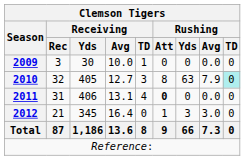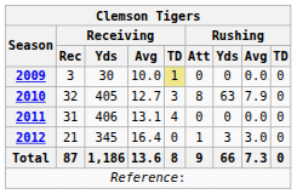 <table class=wikitable style="text-align:center;">
 <tr>
 <th colspan="15">Clemson Tigers</th>
 </tr>
 <tr>
 <th rowspan="2">Season</th>
 <th colspan="4">Receiving</th>
 <th colspan="4">Rushing</th>
 </tr>
 <tr>
 <th>Rec</th>
 <th>Yds</th>
 <th>Avg</th>
 <th>TD</th>
 <th>Att</th>
 <th>Yds</th>
 <th>Avg</th>
 <th>TD</th>
 </tr>
 <tr>
 <th><a href='#'>2009</a></th>
 <td>3</td>
 <td>30</td>
 <td>10.0</td>
-<td>1</td>
+<td style="background: khaki;">1</td>
 <td>0</td>
 <td>0</td>
 <td>0.0</td>
 <td>0</td>
 </tr>
 <tr>
 <th><a href='#'>2010</a></th>
 <td>32</td>
 <td>405</td>
 <td>12.7</td>
 <td>3</td>
 <td>8</td>
 <td>63</td>
 <td>7.9</td>
-<td style="background: paleturquoise;">0</td>
+<td>0</td>
 </tr>
 <tr>
 <th><a href='#'>2011</a></th>
 <td>31</td>
 <td>406</td>
 <td>13.1</td>
 <td>4</td>
-<td><strong>0</strong></td>
+<td>0</td>
 <td>0</td>
 <td>0.0</td>
 <td>0</td>
 </tr>
 <tr>
 <th><a href='#'>2012</a></th>
 <td>21</td>
 <td>345</td>
 <td>16.4</td>
 <td>0</td>
 <td>1</td>
 <td>3</td>
 <td>3.0</td>
 <td>0</td>
 </tr>
 <tr>
 <th>Total</th>
 <th>87</th>
 <th>1,186</th>
 <th>13.6</th>
 <th>8</th>
 <th>9</th>
 <th>66</th>
 <th>7.3</th>
 <th>0</th>
 </tr>
 <tr>
 <td colspan="12"><em>Reference</em>:</td>
 </tr>
 </table>
